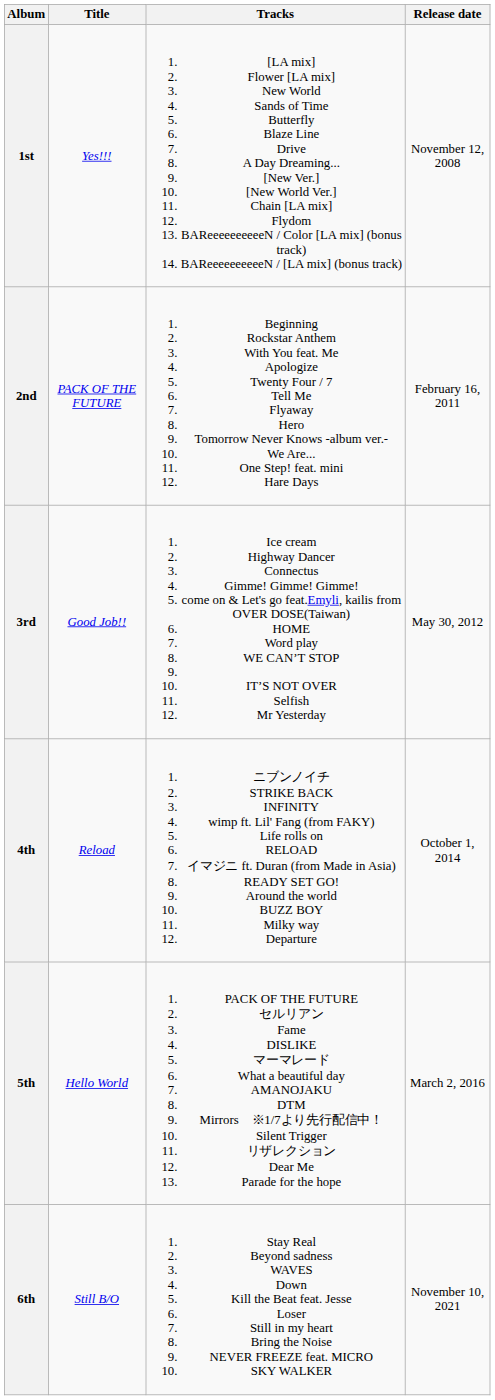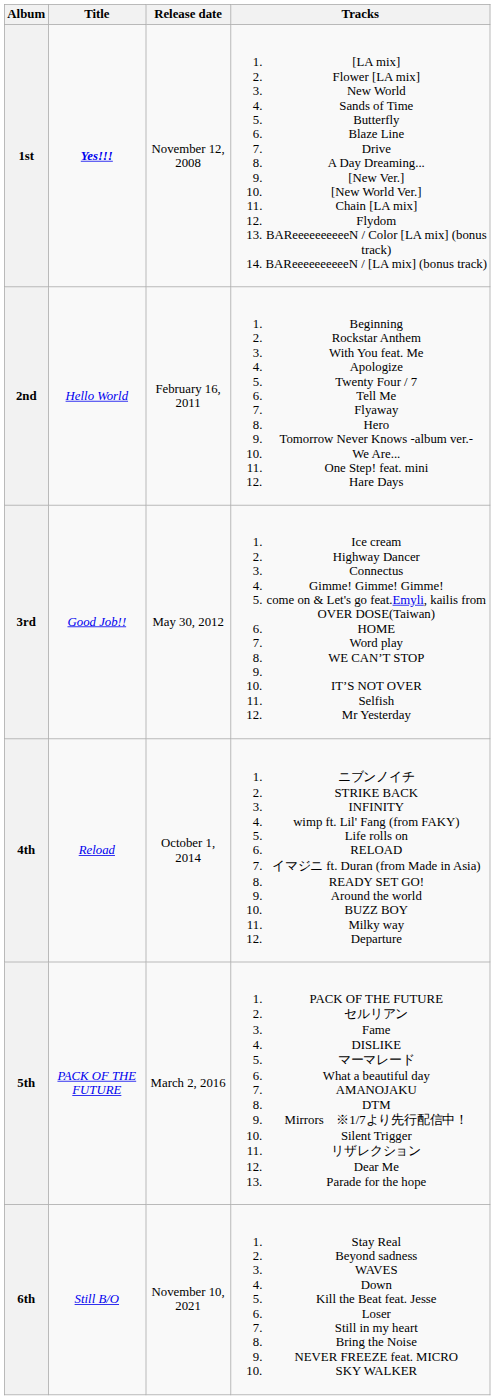 <table class="wikitable" style="text-align: center">
 <tr>
 <th>Album</th>
 <th>Title</th>
+<th>Release date</th>
 <th>Tracks</th>
-<th>Release date</th>
 </tr>
 <tr>
 <th>1st</th>
-<td><em><a href='#'>Yes!!!</a></em></td>
+<td><strong><em><a href='#'>Yes!!!</a></em></strong></td>
+<td>November 12, 2008</td>
 <td><br><ol><li> [LA mix]</li><li>Flower [LA mix]</li><li>New World</li><li>Sands of Time</li><li>Butterfly</li><li>Blaze Line</li><li>Drive</li><li>A Day Dreaming...</li><li> [New Ver.]</li><li> [New World Ver.]</li><li>Chain [LA mix]</li><li>Flydom</li><li>BAReeeeeeeeeeN / Color [LA mix] (bonus track)</li><li>BAReeeeeeeeeeN /  [LA mix] (bonus track)</li></ol></td>
-<td>November 12, 2008</td>
 </tr>
 <tr>
 <th>2nd</th>
-<td><em><a href='#'>PACK OF THE FUTURE</a></em></td>
+<td><em><a href='#'>Hello World</a></em></td>
+<td>February 16, 2011</td>
 <td><br><ol><li>Beginning</li><li>Rockstar Anthem</li><li>With You feat. Me</li><li>Apologize</li><li>Twenty Four / 7</li><li>Tell Me</li><li>Flyaway</li><li>Hero</li><li>Tomorrow Never Knows -album ver.-</li><li>We Are...</li><li>One Step! feat. mini</li><li>Hare Days</li></ol></td>
-<td>February 16, 2011</td>
 </tr>
 <tr>
 <th>3rd</th>
 <td><em><a href='#'>Good Job!!</a></em></td>
+<td>May 30, 2012</td>
 <td><br><ol><li>Ice cream</li><li>Highway Dancer</li><li>Connectus</li><li>Gimme! Gimme! Gimme!</li><li>come on & Let's go feat.<a href='#'>Emyli</a>, kailis from OVER DOSE(Taiwan)</li><li>HOME</li><li>Word play</li><li>WE CAN’T STOP</li><li></li><li>IT’S NOT OVER</li><li>Selfish</li><li>Mr Yesterday</li></ol></td>
-<td>May 30, 2012</td>
 </tr>
 <tr>
 <th>4th</th>
 <td><em><a href='#'>Reload</a></em></td>
+<td>October 1, 2014</td>
 <td><br><ol><li>ニブンノイチ</li><li>STRIKE BACK</li><li>INFINITY</li><li>wimp ft. Lil' Fang (from FAKY)</li><li>Life rolls on</li><li>RELOAD</li><li>イマジニ ft. Duran (from Made in Asia)</li><li>READY SET GO!</li><li>Around the world</li><li>BUZZ BOY</li><li>Milky way</li><li>Departure</li></ol></td>
-<td>October 1, 2014</td>
 </tr>
 <tr>
 <th>5th</th>
-<td><em><a href='#'>Hello World</a></em></td>
+<td><em><a href='#'>PACK OF THE FUTURE</a></em></td>
+<td>March 2, 2016</td>
 <td><br><ol><li>PACK OF THE FUTURE</li><li>セルリアン</li><li>Fame</li><li>DISLIKE</li><li>マーマレード</li><li>What a beautiful day</li><li>AMANOJAKU</li><li>DTM</li><li>Mirrors　※1/7より先行配信中！</li><li>Silent Trigger</li><li>リザレクション</li><li>Dear Me</li><li>Parade for the hope</li></ol></td>
-<td>March 2, 2016</td>
 </tr>
 <tr>
 <th>6th</th>
 <td><em><a href='#'>Still B/O</a></em></td>
+<td>November 10, 2021</td>
 <td><br><ol><li>Stay Real</li><li>Beyond sadness</li><li>WAVES</li><li>Down</li><li>Kill the Beat feat. Jesse</li><li>Loser</li><li>Still in my heart</li><li>Bring the Noise</li><li>NEVER FREEZE feat. MICRO</li><li>SKY WALKER</li></ol></td>
-<td>November 10, 2021</td>
 </tr>
 </table>
